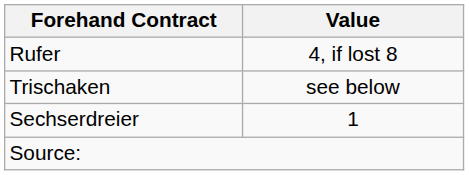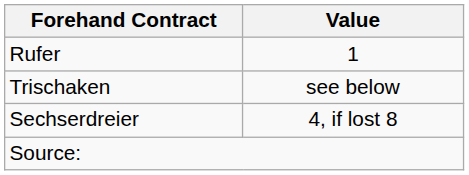 <table class="wikitable float-left" width="40%">
 <tr>
 <th width="200">Forehand Contract</th>
 <th width="200">Value</th>
 </tr>
 <tr>
 <td>Rufer</td>
-<td align="center">4, if lost 8</td>
+<td align="center">1</td>
 </tr>
 <tr>
 <td>Trischaken</td>
 <td align="center">see below</td>
 </tr>
 <tr>
 <td>Sechserdreier</td>
-<td align="center">1</td>
+<td align="center">4, if lost 8</td>
 </tr>
 <tr>
 <td colspan="3">Source:</td>
 </tr>
 </table>
